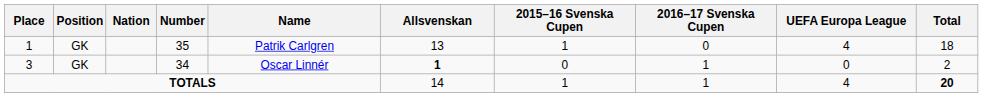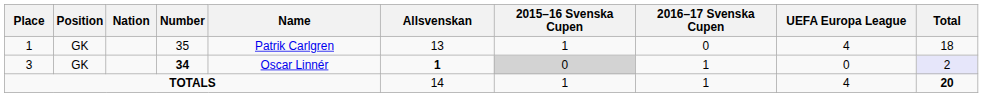 <table class="wikitable" style="font-size: 95%; text-align: center;">
 <tr>
 <th width=60>Place</th>
 <th width=60>Position</th>
 <th width=60>Nation</th>
 <th width=60>Number</th>
 <th width=250>Name</th>
 <th width=150>Allsvenskan</th>
 <th width=200>2015–16 Svenska Cupen</th>
 <th width=200>2016–17 Svenska Cupen</th>
 <th width=200>UEFA Europa League</th>
 <th width=80><strong>Total</strong></th>
 </tr>
 <tr>
 <td>1</td>
 <td>GK</td>
 <td></td>
 <td>35</td>
 <td><a href='#'>Patrik Carlgren</a></td>
 <td>13</td>
 <td>1</td>
 <td>0</td>
 <td>4</td>
 <td>18</td>
 </tr>
 <tr>
 <td>3</td>
 <td>GK</td>
 <td></td>
-<td>34</td>
+<td><strong>34</strong></td>
 <td><a href='#'>Oscar Linnér</a></td>
 <td><strong>1</strong></td>
-<td>0</td>
+<td style="background: lightgrey;">0</td>
 <td>1</td>
 <td>0</td>
-<td>2</td>
+<td style="background: lavender;">2</td>
 </tr>
 <tr>
 <td colspan="5"><strong>TOTALS</strong></td>
 <td>14</td>
 <td>1</td>
 <td>1</td>
 <td>4</td>
 <td><strong>20</strong></td>
 </tr>
 </table>
